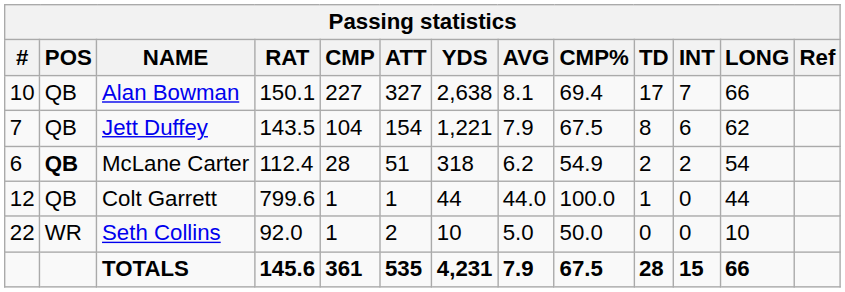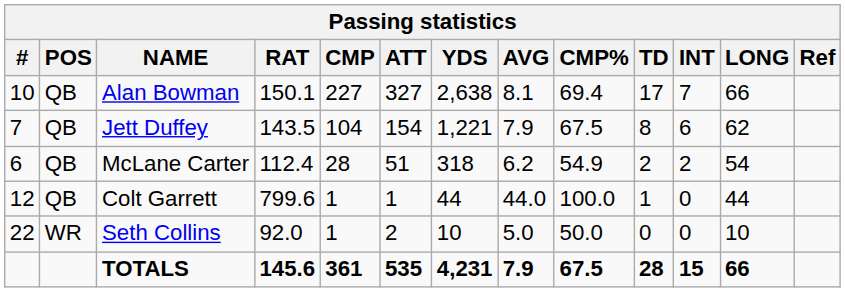 <table class="wikitable sortable collapsible collapsed">
 <tr>
 <th colspan="13">Passing statistics</th>
 </tr>
 <tr>
 <th>#</th>
 <th>POS</th>
 <th>NAME</th>
 <th>RAT</th>
 <th>CMP</th>
 <th>ATT</th>
 <th>YDS</th>
 <th>AVG</th>
 <th>CMP%</th>
 <th>TD</th>
 <th>INT</th>
 <th>LONG</th>
 <th>Ref</th>
 </tr>
 <tr>
 <td>10</td>
 <td>QB</td>
 <td><a href='#'>Alan Bowman</a></td>
 <td>150.1</td>
 <td>227</td>
 <td>327</td>
 <td>2,638</td>
 <td>8.1</td>
 <td>69.4</td>
 <td>17</td>
 <td>7</td>
 <td>66</td>
 <td></td>
 </tr>
 <tr>
 <td>7</td>
 <td>QB</td>
 <td><a href='#'>Jett Duffey</a></td>
 <td>143.5</td>
 <td>104</td>
 <td>154</td>
 <td>1,221</td>
 <td>7.9</td>
 <td>67.5</td>
 <td>8</td>
 <td>6</td>
 <td>62</td>
 <td></td>
 </tr>
 <tr>
 <td>6</td>
-<td><strong>QB</strong></td>
+<td>QB</td>
 <td>McLane Carter</td>
 <td>112.4</td>
 <td>28</td>
 <td>51</td>
 <td>318</td>
 <td>6.2</td>
 <td>54.9</td>
 <td>2</td>
 <td>2</td>
 <td>54</td>
 <td></td>
 </tr>
 <tr>
 <td>12</td>
 <td>QB</td>
 <td>Colt Garrett</td>
 <td>799.6</td>
 <td>1</td>
 <td>1</td>
 <td>44</td>
 <td>44.0</td>
 <td>100.0</td>
 <td>1</td>
 <td>0</td>
 <td>44</td>
 <td></td>
 </tr>
 <tr>
 <td>22</td>
 <td>WR</td>
 <td><a href='#'>Seth Collins</a></td>
 <td>92.0</td>
 <td>1</td>
 <td>2</td>
 <td>10</td>
 <td>5.0</td>
 <td>50.0</td>
 <td>0</td>
 <td>0</td>
 <td>10</td>
 <td></td>
 </tr>
 <tr>
 <td></td>
 <td></td>
 <td><strong>TOTALS</strong></td>
 <td><strong>145.6</strong></td>
 <td><strong>361</strong></td>
 <td><strong>535</strong></td>
 <td><strong>4,231</strong></td>
 <td><strong>7.9</strong></td>
 <td><strong>67.5</strong></td>
 <td><strong>28</strong></td>
 <td><strong>15</strong></td>
 <td><strong>66</strong></td>
 <td></td>
 </tr>
 </table>
